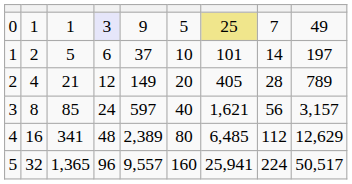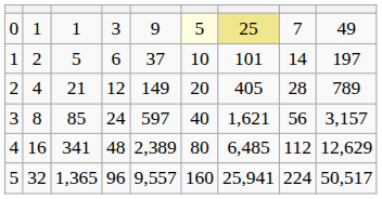 <table class="wikitable" border="2" style="text-align:center">
 <tr>
 <th></th>
 <th></th>
 <th></th>
 <th></th>
 <th></th>
 <th></th>
 <th></th>
 <th></th>
 <th></th>
 </tr>
 <tr>
 <td>0</td>
 <td>1</td>
 <td>1</td>
-<td style="background: lavender;">3</td>
+<td>3</td>
 <td>9</td>
-<td>5</td>
+<td style="background: lightyellow;">5</td>
 <td style="background: khaki;">25</td>
 <td>7</td>
 <td>49</td>
 </tr>
 <tr>
 <td>1</td>
 <td>2</td>
 <td>5</td>
 <td>6</td>
 <td>37</td>
 <td>10</td>
 <td>101</td>
 <td>14</td>
 <td>197</td>
 </tr>
 <tr>
 <td>2</td>
 <td>4</td>
 <td>21</td>
 <td>12</td>
 <td>149</td>
 <td>20</td>
 <td>405</td>
 <td>28</td>
 <td>789</td>
 </tr>
 <tr>
 <td>3</td>
 <td>8</td>
 <td>85</td>
 <td>24</td>
 <td>597</td>
 <td>40</td>
 <td>1,621</td>
 <td>56</td>
 <td>3,157</td>
 </tr>
 <tr>
 <td>4</td>
 <td>16</td>
 <td>341</td>
 <td>48</td>
 <td>2,389</td>
 <td>80</td>
 <td>6,485</td>
 <td>112</td>
 <td>12,629</td>
 </tr>
 <tr>
 <td>5</td>
 <td>32</td>
 <td>1,365</td>
 <td>96</td>
 <td>9,557</td>
 <td>160</td>
 <td>25,941</td>
 <td>224</td>
 <td>50,517</td>
 </tr>
 </table>
